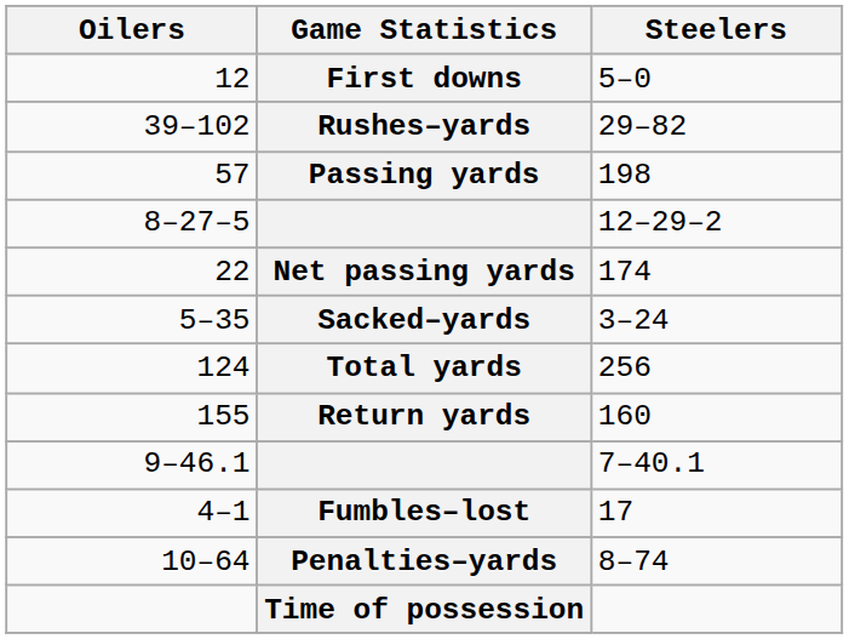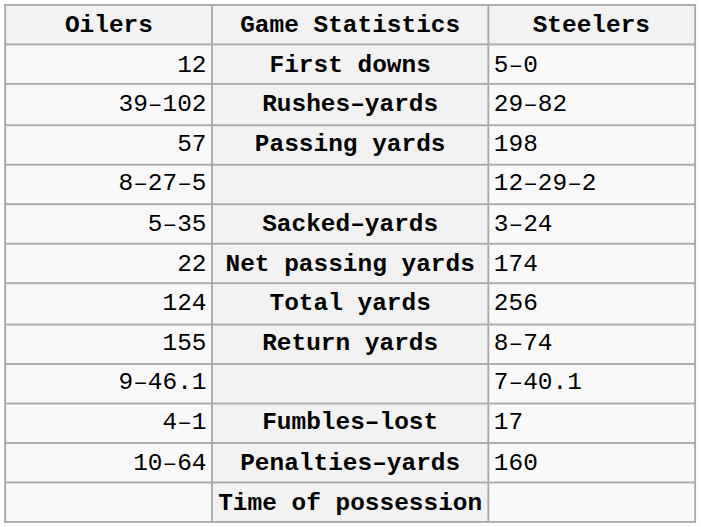 <table class="wikitable" style="margin: 1em auto 1em auto">
 <tr>
 <th style="width:30%;">Oilers</th>
 <th style="width:40%;">Game Statistics</th>
 <th style="width:30%;">Steelers</th>
 </tr>
 <tr>
 <td style="text-align:right;">12</td>
 <th>First downs</th>
 <td>5–0</td>
 </tr>
 <tr>
 <td style="text-align:right;">39–102</td>
 <th>Rushes–yards</th>
 <td>29–82</td>
 </tr>
 <tr>
 <td style="text-align:right;">57</td>
 <th>Passing yards</th>
 <td>198</td>
 </tr>
 <tr>
 <td style="text-align:right;">8–27–5</td>
 <th></th>
 <td>12–29–2</td>
 </tr>
 <tr>
+<td style="text-align:right;">5–35</td>
+<th>Sacked–yards</th>
+<td>3–24</td>
+</tr>
+<tr>
 <td style="text-align:right;">22</td>
 <th>Net passing yards</th>
 <td>174</td>
-</tr>
-<tr>
-<td style="text-align:right;">5–35</td>
-<th>Sacked–yards</th>
-<td>3–24</td>
 </tr>
 <tr>
 <td style="text-align:right;">124</td>
 <th>Total yards</th>
 <td>256</td>
 </tr>
 <tr>
 <td style="text-align:right;">155</td>
 <th>Return yards</th>
-<td>160</td>
+<td>8–74</td>
 </tr>
 <tr>
 <td style="text-align:right;">9–46.1</td>
 <th></th>
 <td>7–40.1</td>
 </tr>
 <tr>
 <td style="text-align:right;">4–1</td>
 <th>Fumbles–lost</th>
 <td>17</td>
 </tr>
 <tr>
 <td style="text-align:right;">10–64</td>
 <th>Penalties–yards</th>
-<td>8–74</td>
+<td>160</td>
 </tr>
 <tr>
 <td style="text-align:right;"></td>
 <th>Time of possession</th>
 <td></td>
 </tr>
 </table>
